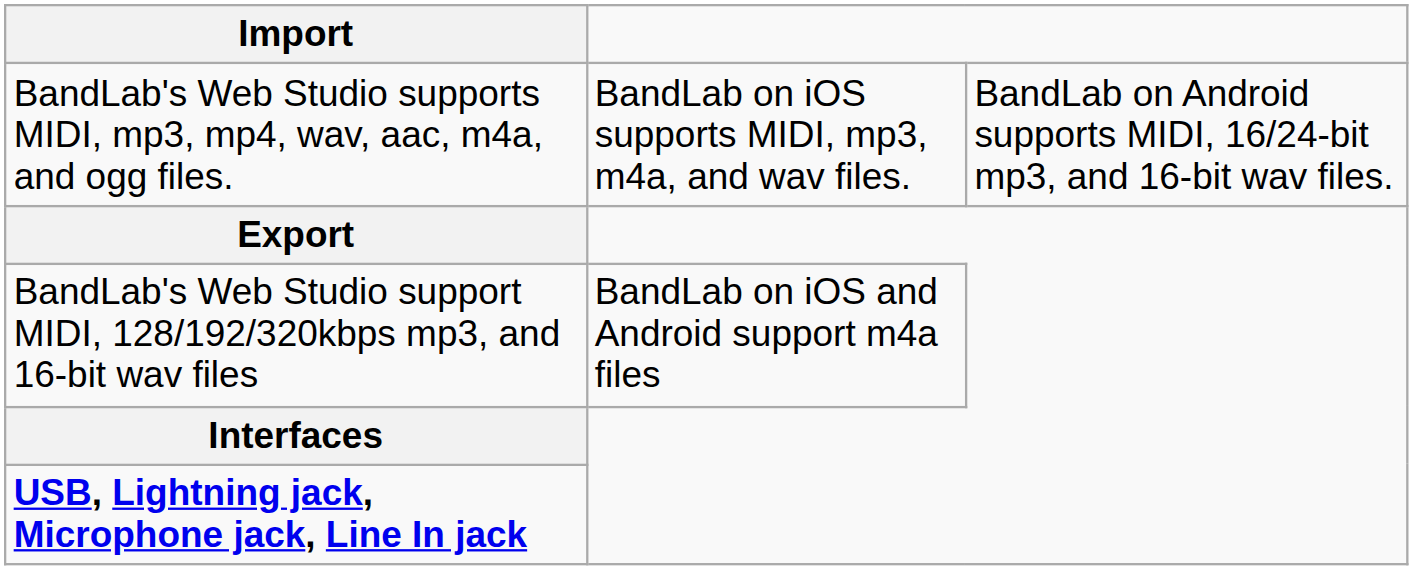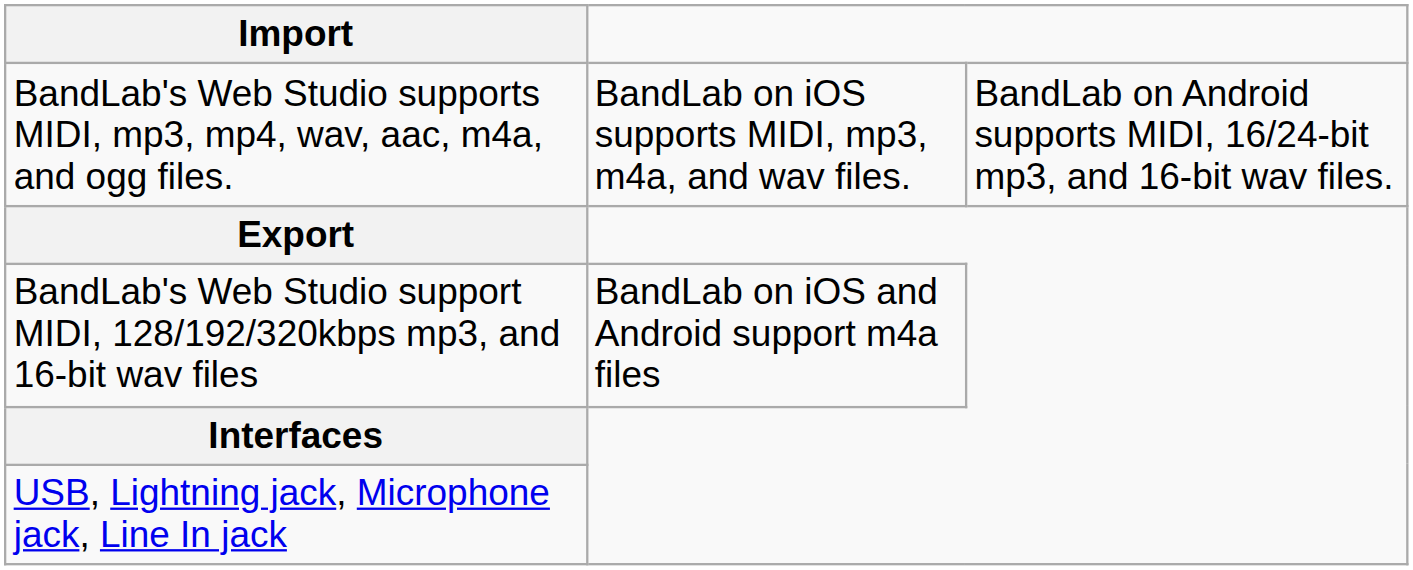 <table class="wikitable">
 <tr>
 <th>Import</th>
 </tr>
 <tr>
 <td>BandLab's Web Studio supports MIDI, mp3, mp4, wav, aac, m4a, and ogg files.</td>
 <td>BandLab on iOS supports MIDI, mp3, m4a, and wav files.</td>
 <td>BandLab on Android supports MIDI, 16/24-bit mp3, and 16-bit wav files.</td>
 </tr>
 <tr>
 <th>Export</th>
 </tr>
 <tr>
 <td>BandLab's Web Studio support MIDI, 128/192/320kbps mp3, and 16-bit wav files</td>
 <td>BandLab on iOS and Android support m4a files</td>
 </tr>
 <tr>
 <th>Interfaces</th>
 </tr>
 <tr>
-<td><strong><a href='#'>USB</a>, <a href='#'>Lightning jack</a>, <a href='#'>Microphone jack</a>, <a href='#'>Line In jack</a></strong></td>
+<td><a href='#'>USB</a>, <a href='#'>Lightning jack</a>, <a href='#'>Microphone jack</a>, <a href='#'>Line In jack</a></td>
 </tr>
 </table>
